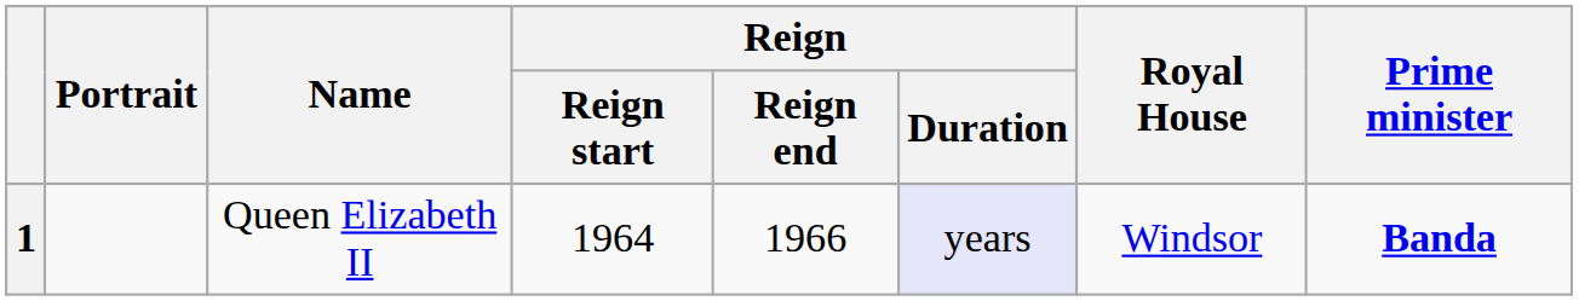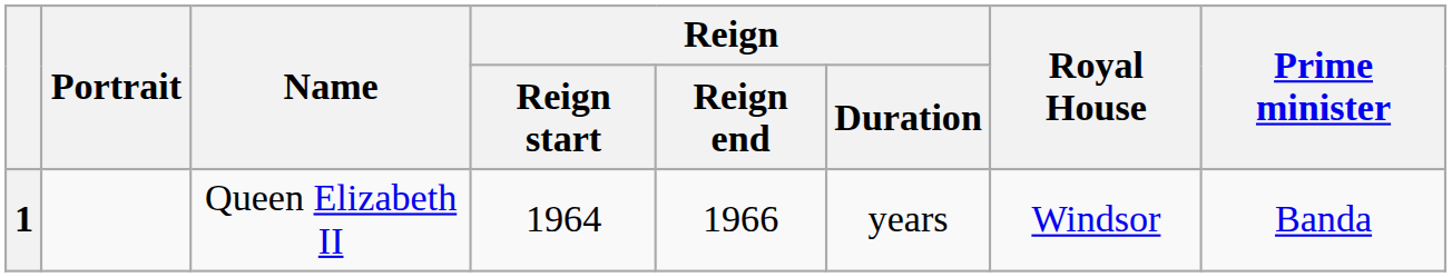 <table class="wikitable" style="text-align:center">
 <tr>
 <th rowspan="2"></th>
 <th rowspan="2">Portrait</th>
 <th rowspan="2">Name<br></th>
 <th colspan="3">Reign</th>
 <th rowspan="2">Royal House</th>
 <th rowspan="2"><a href='#'>Prime minister</a></th>
 </tr>
 <tr>
 <th>Reign start</th>
 <th>Reign end</th>
 <th>Duration</th>
 </tr>
 <tr>
 <th>1</th>
 <td></td>
 <td>Queen <a href='#'>Elizabeth II</a><br></td>
 <td> 1964</td>
 <td> 1966</td>
-<td style="background: lavender;"> years</td>
+<td> years</td>
 <td><a href='#'>Windsor</a></td>
-<td><strong><a href='#'>Banda</a></strong></td>
+<td><a href='#'>Banda</a></td>
 </tr>
 </table>
